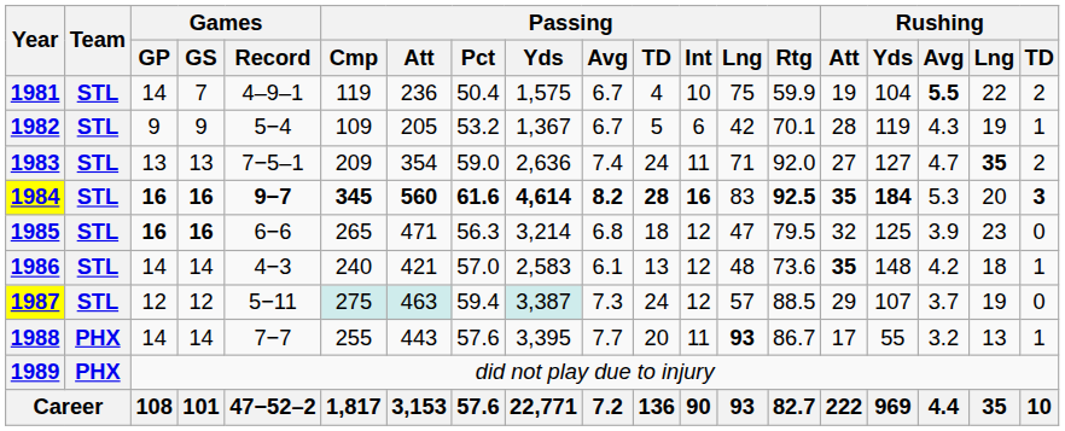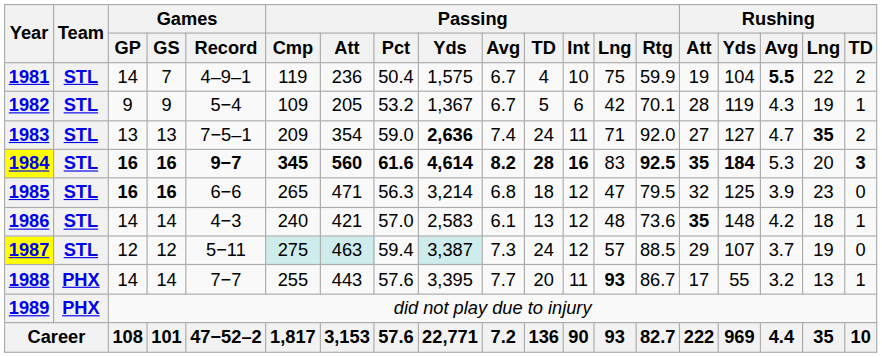 <table class="wikitable" style="text-align:center">
 <tr>
 <th rowspan="2">Year</th>
 <th rowspan="2">Team</th>
 <th colspan="3">Games</th>
 <th colspan="9">Passing</th>
 <th colspan="5">Rushing</th>
 </tr>
 <tr>
 <th>GP</th>
 <th>GS</th>
 <th>Record</th>
 <th>Cmp</th>
 <th>Att</th>
 <th>Pct</th>
 <th>Yds</th>
 <th>Avg</th>
 <th>TD</th>
 <th>Int</th>
 <th>Lng</th>
 <th>Rtg</th>
 <th>Att</th>
 <th>Yds</th>
 <th>Avg</th>
 <th>Lng</th>
 <th>TD</th>
 </tr>
 <tr>
 <th><a href='#'>1981</a></th>
 <th><a href='#'>STL</a></th>
 <td>14</td>
 <td>7</td>
 <td>4–9–1</td>
 <td>119</td>
 <td>236</td>
 <td>50.4</td>
 <td>1,575</td>
 <td>6.7</td>
 <td>4</td>
 <td>10</td>
 <td>75</td>
 <td>59.9</td>
 <td>19</td>
 <td>104</td>
 <td><strong>5.5</strong></td>
 <td>22</td>
 <td>2</td>
 </tr>
 <tr>
 <th><a href='#'>1982</a></th>
 <th><a href='#'>STL</a></th>
 <td>9</td>
 <td>9</td>
 <td>5−4</td>
 <td>109</td>
 <td>205</td>
 <td>53.2</td>
 <td>1,367</td>
 <td>6.7</td>
 <td>5</td>
 <td>6</td>
 <td>42</td>
 <td>70.1</td>
 <td>28</td>
 <td>119</td>
 <td>4.3</td>
 <td>19</td>
 <td>1</td>
 </tr>
 <tr>
 <th><a href='#'>1983</a></th>
 <th><a href='#'>STL</a></th>
 <td>13</td>
 <td>13</td>
 <td>7−5–1</td>
 <td>209</td>
 <td>354</td>
 <td>59.0</td>
-<td>2,636</td>
+<td><strong>2,636</strong></td>
 <td>7.4</td>
 <td>24</td>
 <td>11</td>
 <td>71</td>
 <td>92.0</td>
 <td>27</td>
 <td>127</td>
 <td>4.7</td>
 <td><strong>35</strong></td>
 <td>2</td>
 </tr>
 <tr>
 <th style="background:#ffff00"><a href='#'>1984</a></th>
 <th><a href='#'>STL</a></th>
 <td><strong>16</strong></td>
 <td><strong>16</strong></td>
 <td><strong>9−7</strong></td>
 <td><strong>345</strong></td>
 <td><strong>560</strong></td>
 <td><strong>61.6</strong></td>
 <td><strong>4,614</strong></td>
 <td><strong>8.2</strong></td>
 <td><strong>28</strong></td>
 <td><strong>16</strong></td>
 <td>83</td>
 <td><strong>92.5</strong></td>
 <td><strong>35</strong></td>
 <td><strong>184</strong></td>
 <td>5.3</td>
 <td>20</td>
 <td><strong>3</strong></td>
 </tr>
 <tr>
 <th><a href='#'>1985</a></th>
 <th><a href='#'>STL</a></th>
 <td><strong>16</strong></td>
 <td><strong>16</strong></td>
 <td>6−6</td>
 <td>265</td>
 <td>471</td>
 <td>56.3</td>
 <td>3,214</td>
 <td>6.8</td>
 <td>18</td>
 <td>12</td>
 <td>47</td>
 <td>79.5</td>
 <td>32</td>
 <td>125</td>
 <td>3.9</td>
 <td>23</td>
 <td>0</td>
 </tr>
 <tr>
 <th><a href='#'>1986</a></th>
 <th><a href='#'>STL</a></th>
 <td>14</td>
 <td>14</td>
 <td>4−3</td>
 <td>240</td>
 <td>421</td>
 <td>57.0</td>
 <td>2,583</td>
 <td>6.1</td>
 <td>13</td>
 <td>12</td>
 <td>48</td>
 <td>73.6</td>
 <td><strong>35</strong></td>
 <td>148</td>
 <td>4.2</td>
 <td>18</td>
 <td>1</td>
 </tr>
 <tr>
 <th style="background:#ffff00;"><a href='#'>1987</a></th>
 <th><a href='#'>STL</a></th>
 <td>12</td>
 <td>12</td>
 <td>5−11</td>
 <td style="background:#cfecec;">275</td>
 <td style="background:#cfecec;">463</td>
 <td>59.4</td>
 <td style="background:#cfecec;">3,387</td>
 <td>7.3</td>
 <td>24</td>
 <td>12</td>
 <td>57</td>
 <td>88.5</td>
 <td>29</td>
 <td>107</td>
 <td>3.7</td>
 <td>19</td>
 <td>0</td>
 </tr>
 <tr>
 <th><a href='#'>1988</a></th>
 <th><a href='#'>PHX</a></th>
 <td>14</td>
 <td>14</td>
 <td>7−7</td>
 <td>255</td>
 <td>443</td>
 <td>57.6</td>
 <td>3,395</td>
 <td>7.7</td>
 <td>20</td>
 <td>11</td>
 <td><strong>93</strong></td>
 <td>86.7</td>
 <td>17</td>
 <td>55</td>
 <td>3.2</td>
 <td>13</td>
 <td>1</td>
 </tr>
 <tr>
 <th><a href='#'>1989</a></th>
 <th><a href='#'>PHX</a></th>
 <td colspan="17"><em>did not play due to injury</em></td>
 </tr>
 <tr>
 <th colspan="2">Career</th>
 <th>108</th>
 <th>101</th>
 <th>47−52–2</th>
 <th>1,817</th>
 <th>3,153</th>
 <th>57.6</th>
 <th>22,771</th>
 <th>7.2</th>
 <th>136</th>
 <th>90</th>
 <th>93</th>
 <th>82.7</th>
 <th>222</th>
 <th>969</th>
 <th>4.4</th>
 <th>35</th>
 <th>10</th>
 </tr>
 </table>
